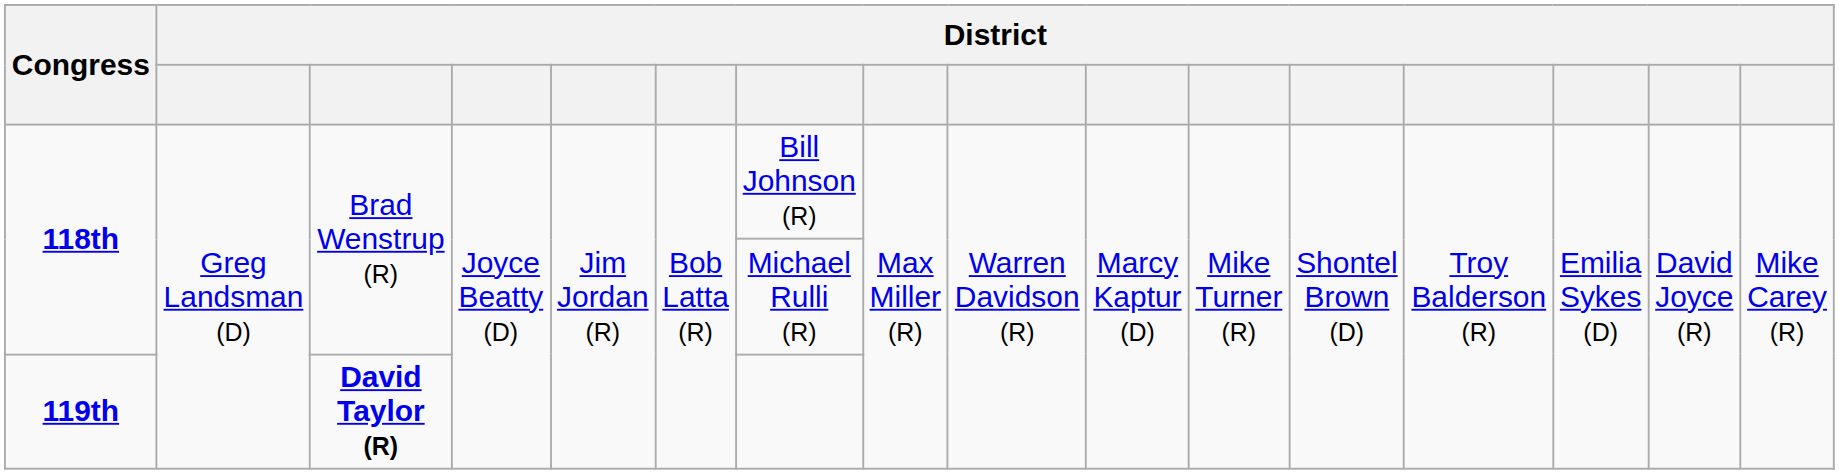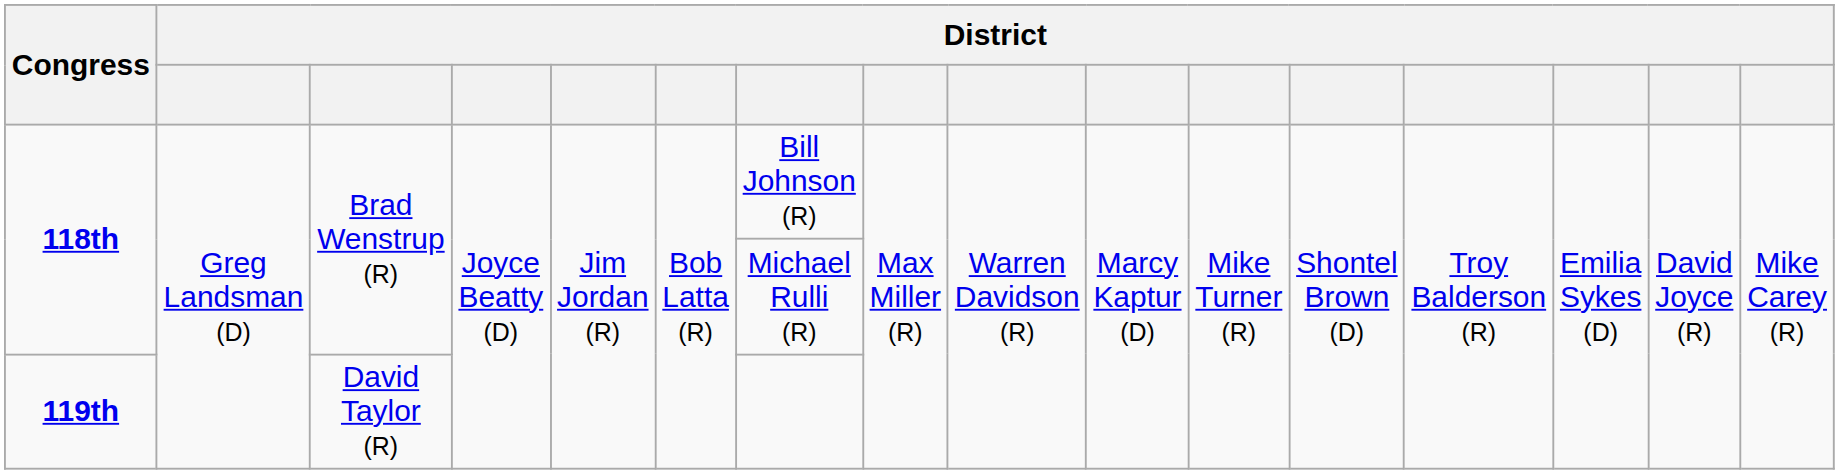 <table class=wikitable style="text-align:center">
 <tr style="height:2em">
 <th rowspan=2>Congress</th>
 <th colspan=15>District</th>
 </tr>
 <tr style="height:2em">
 <th></th>
 <th></th>
 <th></th>
 <th></th>
 <th></th>
 <th></th>
 <th></th>
 <th></th>
 <th></th>
 <th></th>
 <th></th>
 <th></th>
 <th></th>
 <th></th>
 <th></th>
 </tr>
 <tr style="height:2.5em">
 <td rowspan=2><strong><a href='#'>118th</a></strong> </td>
 <td rowspan=3 ><a href='#'>Greg<br>Landsman</a><br><small>(D)</small></td>
 <td rowspan=2 ><a href='#'>Brad<br>Wenstrup</a><br><small>(R)</small></td>
 <td rowspan=3 ><a href='#'>Joyce<br>Beatty</a><br><small>(D)</small></td>
 <td rowspan=3 ><a href='#'>Jim<br>Jordan</a><br><small>(R)</small></td>
 <td rowspan=3 ><a href='#'>Bob<br>Latta</a><br><small>(R)</small></td>
 <td rowspan=1 ><a href='#'>Bill<br>Johnson</a><br><small>(R)</small></td>
 <td rowspan=3 ><a href='#'>Max<br>Miller</a><br><small>(R)</small></td>
 <td rowspan=3 ><a href='#'>Warren<br>Davidson</a><br><small>(R)</small></td>
 <td rowspan=3 ><a href='#'>Marcy<br>Kaptur</a><br><small>(D)</small></td>
 <td rowspan=3 ><a href='#'>Mike<br>Turner</a><br><small>(R)</small></td>
 <td rowspan=3 ><a href='#'>Shontel<br>Brown</a><br><small>(D)</small></td>
 <td rowspan=3 ><a href='#'>Troy<br>Balderson</a><br><small>(R)</small></td>
 <td rowspan=3 ><a href='#'>Emilia<br>Sykes</a><br><small>(D)</small></td>
 <td rowspan=3 ><a href='#'>David<br>Joyce</a><br><small>(R)</small></td>
 <td rowspan=3 ><a href='#'>Mike<br>Carey</a><br><small>(R)</small></td>
 </tr>
 <tr style="height:2.5em">
 <td><a href='#'>Michael<br>Rulli</a><br><small>(R)</small></td>
 </tr>
 <tr style="height:2.5em">
 <td rowspan=1><strong><a href='#'>119th</a></strong> </td>
-<td><strong><a href='#'>David<br>Taylor</a><br><small>(R)</small></strong></td>
+<td><a href='#'>David<br>Taylor</a><br><small>(R)</small></td>
 </tr>
 </table>
